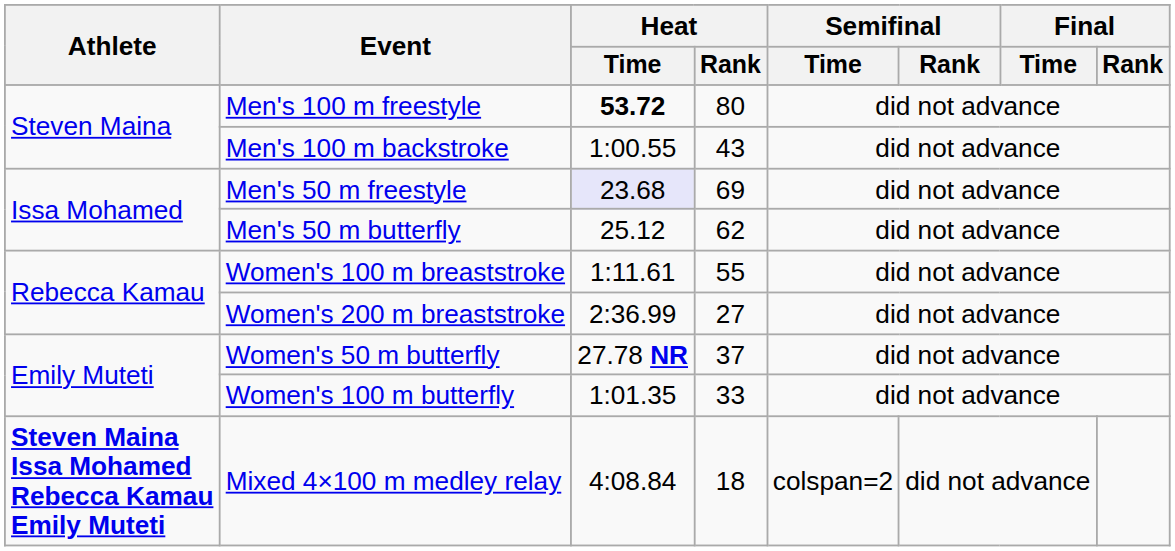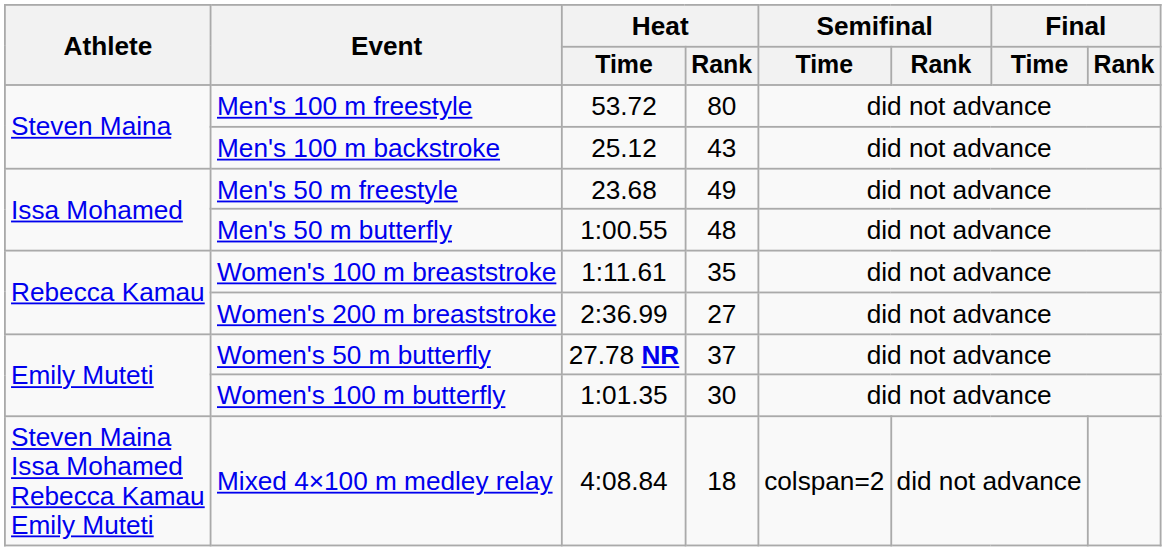 <table class=wikitable style="font-size:90%">
 <tr>
 <th rowspan="2">Athlete</th>
 <th rowspan="2">Event</th>
 <th colspan="2">Heat</th>
 <th colspan="2">Semifinal</th>
 <th colspan="2">Final</th>
 </tr>
 <tr style="font-size:95%">
 <th>Time</th>
 <th>Rank</th>
 <th>Time</th>
 <th>Rank</th>
 <th>Time</th>
 <th>Rank</th>
 </tr>
 <tr align=center>
 <td align=left rowspan=2><a href='#'>Steven Maina</a></td>
 <td align=left><a href='#'>Men's 100 m freestyle</a></td>
-<td><strong>53.72</strong></td>
+<td>53.72</td>
 <td>80</td>
 <td colspan=4>did not advance</td>
 </tr>
 <tr align=center>
 <td align=left><a href='#'>Men's 100 m backstroke</a></td>
-<td>1:00.55</td>
+<td>25.12</td>
 <td>43</td>
 <td colspan=4>did not advance</td>
 </tr>
 <tr align=center>
 <td align=left rowspan=2><a href='#'>Issa Mohamed</a></td>
 <td align=left><a href='#'>Men's 50 m freestyle</a></td>
-<td style="background: lavender;">23.68</td>
-<td>69</td>
+<td>23.68</td>
+<td>49</td>
 <td colspan=4>did not advance</td>
 </tr>
 <tr align=center>
 <td align=left><a href='#'>Men's 50 m butterfly</a></td>
-<td>25.12</td>
-<td>62</td>
+<td>1:00.55</td>
+<td>48</td>
 <td colspan=4>did not advance</td>
 </tr>
 <tr align=center>
 <td align=left rowspan=2><a href='#'>Rebecca Kamau</a></td>
 <td align=left><a href='#'>Women's 100 m breaststroke</a></td>
 <td>1:11.61</td>
-<td>55</td>
+<td>35</td>
 <td colspan=4>did not advance</td>
 </tr>
 <tr align=center>
 <td align=left><a href='#'>Women's 200 m breaststroke</a></td>
 <td>2:36.99</td>
 <td>27</td>
 <td colspan=4>did not advance</td>
 </tr>
 <tr align=center>
 <td align=left rowspan=2><a href='#'>Emily Muteti</a></td>
 <td align=left><a href='#'>Women's 50 m butterfly</a></td>
 <td>27.78 <strong><a href='#'>NR</a></strong></td>
 <td>37</td>
 <td colspan=4>did not advance</td>
 </tr>
 <tr align=center>
 <td align=left><a href='#'>Women's 100 m butterfly</a></td>
 <td>1:01.35</td>
-<td>33</td>
+<td>30</td>
 <td colspan=4>did not advance</td>
 </tr>
 <tr align=center>
-<td align=left><strong><a href='#'>Steven Maina</a><br><a href='#'>Issa Mohamed</a><br><a href='#'>Rebecca Kamau</a><br><a href='#'>Emily Muteti</a></strong></td>
+<td align=left><a href='#'>Steven Maina</a><br><a href='#'>Issa Mohamed</a><br><a href='#'>Rebecca Kamau</a><br><a href='#'>Emily Muteti</a></td>
 <td align=left><a href='#'>Mixed 4×100 m medley relay</a></td>
 <td>4:08.84</td>
 <td>18</td>
 <td>colspan=2 </td>
 <td colspan=2>did not advance</td>
 </tr>
 </table>
